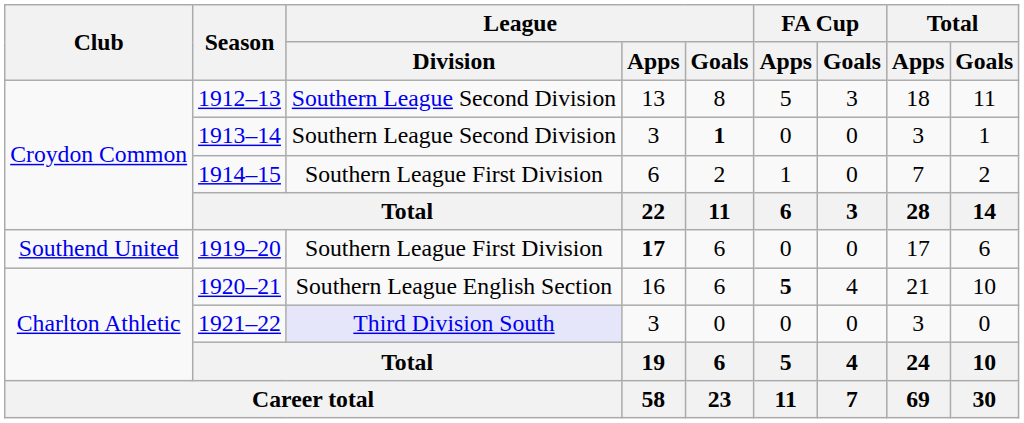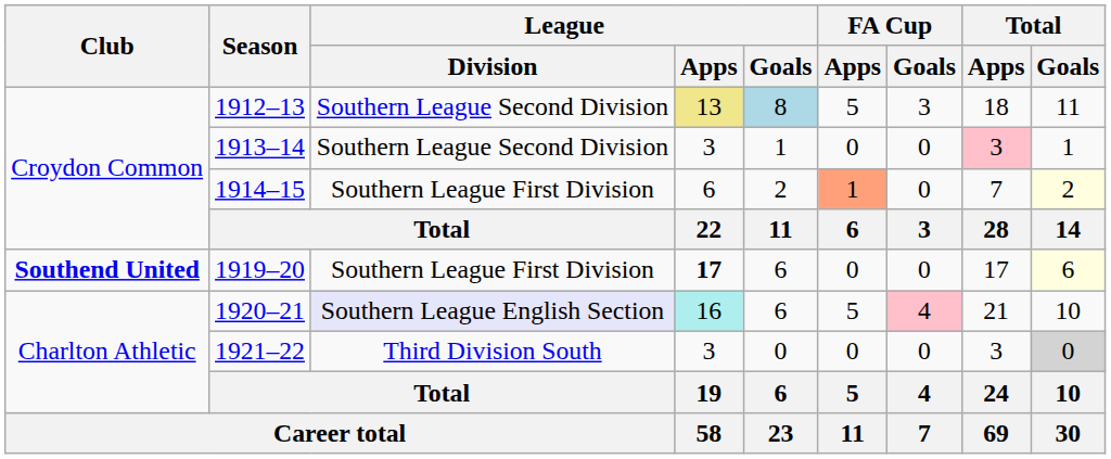 <table class="wikitable" style="text-align: center;">
 <tr>
 <th rowspan="2">Club</th>
 <th rowspan="2">Season</th>
 <th colspan="3">League</th>
 <th colspan="2">FA Cup</th>
 <th colspan="2">Total</th>
 </tr>
 <tr>
 <th>Division</th>
 <th>Apps</th>
 <th>Goals</th>
 <th>Apps</th>
 <th>Goals</th>
 <th>Apps</th>
 <th>Goals</th>
 </tr>
 <tr>
 <td rowspan="4"><a href='#'>Croydon Common</a></td>
 <td><a href='#'>1912–13</a></td>
 <td><a href='#'>Southern League</a> Second Division</td>
-<td>13</td>
-<td>8</td>
+<td style="background: khaki;">13</td>
+<td style="background: lightblue;">8</td>
 <td>5</td>
 <td>3</td>
 <td>18</td>
 <td>11</td>
 </tr>
 <tr>
 <td><a href='#'>1913–14</a></td>
 <td>Southern League Second Division</td>
 <td>3</td>
-<td><strong>1</strong></td>
+<td>1</td>
 <td>0</td>
 <td>0</td>
-<td>3</td>
+<td style="background: pink;">3</td>
 <td>1</td>
 </tr>
 <tr>
 <td><a href='#'>1914–15</a></td>
 <td>Southern League First Division</td>
 <td>6</td>
 <td>2</td>
-<td>1</td>
+<td style="background: lightsalmon;">1</td>
 <td>0</td>
 <td>7</td>
-<td>2</td>
+<td style="background: lightyellow;">2</td>
 </tr>
 <tr>
 <th colspan="2">Total</th>
 <th>22</th>
 <th>11</th>
 <th>6</th>
 <th>3</th>
 <th>28</th>
 <th>14</th>
 </tr>
 <tr>
-<td><a href='#'>Southend United</a></td>
+<td><strong><a href='#'>Southend United</a></strong></td>
 <td><a href='#'>1919–20</a></td>
 <td>Southern League First Division</td>
 <td><strong>17</strong></td>
 <td>6</td>
 <td>0</td>
 <td>0</td>
 <td>17</td>
-<td>6</td>
+<td style="background: lightyellow;">6</td>
 </tr>
 <tr>
 <td rowspan="3"><a href='#'>Charlton Athletic</a></td>
 <td><a href='#'>1920–21</a></td>
-<td>Southern League English Section</td>
-<td>16</td>
+<td style="background: lavender;">Southern League English Section</td>
+<td style="background: paleturquoise;">16</td>
 <td>6</td>
-<td><strong>5</strong></td>
-<td>4</td>
+<td>5</td>
+<td style="background: pink;">4</td>
 <td>21</td>
 <td>10</td>
 </tr>
 <tr>
 <td><a href='#'>1921–22</a></td>
-<td style="background: lavender;"><a href='#'>Third Division South</a></td>
+<td><a href='#'>Third Division South</a></td>
 <td>3</td>
 <td>0</td>
 <td>0</td>
 <td>0</td>
 <td>3</td>
-<td>0</td>
+<td style="background: lightgrey;">0</td>
 </tr>
 <tr>
 <th colspan="2">Total</th>
 <th>19</th>
 <th>6</th>
 <th>5</th>
 <th>4</th>
 <th>24</th>
 <th>10</th>
 </tr>
 <tr>
 <th colspan="3">Career total</th>
 <th>58</th>
 <th>23</th>
 <th>11</th>
 <th>7</th>
 <th>69</th>
 <th>30</th>
 </tr>
 </table>
